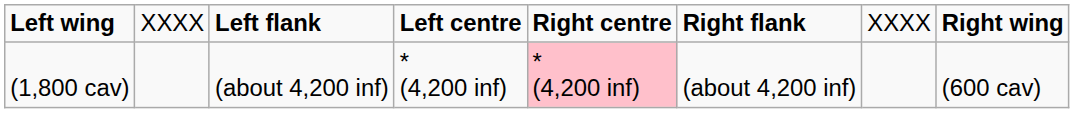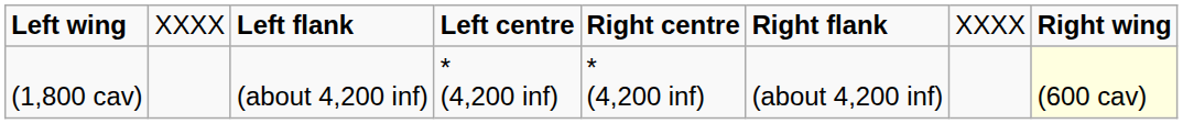 <table class = wikitable>
 <tr>
 <td><strong>Left wing</strong></td>
 <td>XXXX</td>
 <td><strong>Left flank</strong></td>
 <td><strong>Left centre</strong></td>
 <td><strong>Right centre</strong></td>
 <td><strong>Right flank</strong></td>
 <td>XXXX</td>
 <td><strong>Right wing</strong></td>
 </tr>
 <tr>
 <td><br>(1,800 cav)</td>
 <td></td>
 <td><br>(about 4,200 inf)</td>
 <td>* <br>(4,200 inf)</td>
-<td style="background: pink;">* <br>(4,200 inf)</td>
+<td>* <br>(4,200 inf)</td>
 <td><br>(about 4,200 inf)</td>
 <td></td>
-<td><br>(600 cav)</td>
+<td style="background: lightyellow;"><br>(600 cav)</td>
 </tr>
 </table>
